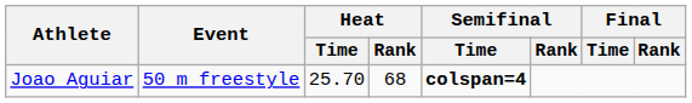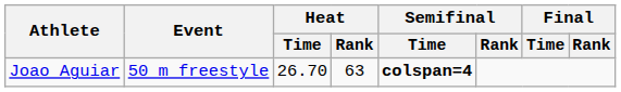 <table class=wikitable style=font-size:90%;text-align:center>
 <tr>
 <th rowspan=2>Athlete</th>
 <th rowspan=2>Event</th>
 <th colspan=2>Heat</th>
 <th colspan=2>Semifinal</th>
 <th colspan=2>Final</th>
 </tr>
 <tr style=font-size:95%>
 <th>Time</th>
 <th>Rank</th>
 <th>Time</th>
 <th>Rank</th>
 <th>Time</th>
 <th>Rank</th>
 </tr>
 <tr>
 <td align=left><a href='#'>Joao Aguiar</a></td>
 <td align=left><a href='#'>50 m freestyle</a></td>
-<td>25.70</td>
-<td>68</td>
+<td>26.70</td>
+<td>63</td>
 <td><strong>colspan=4 </strong></td>
 </tr>
 </table>
